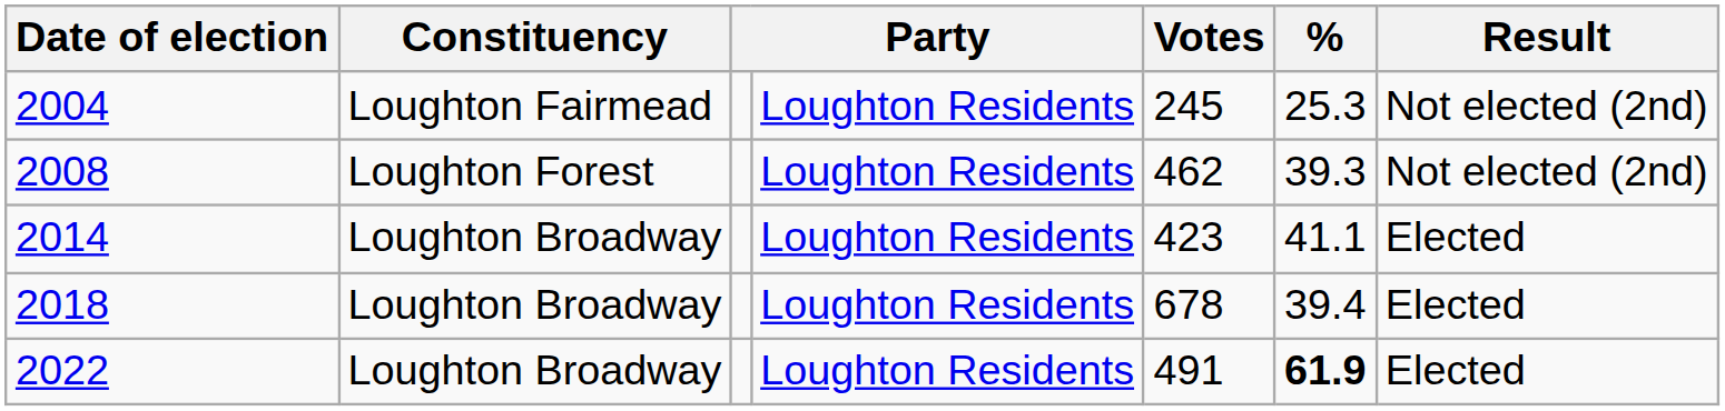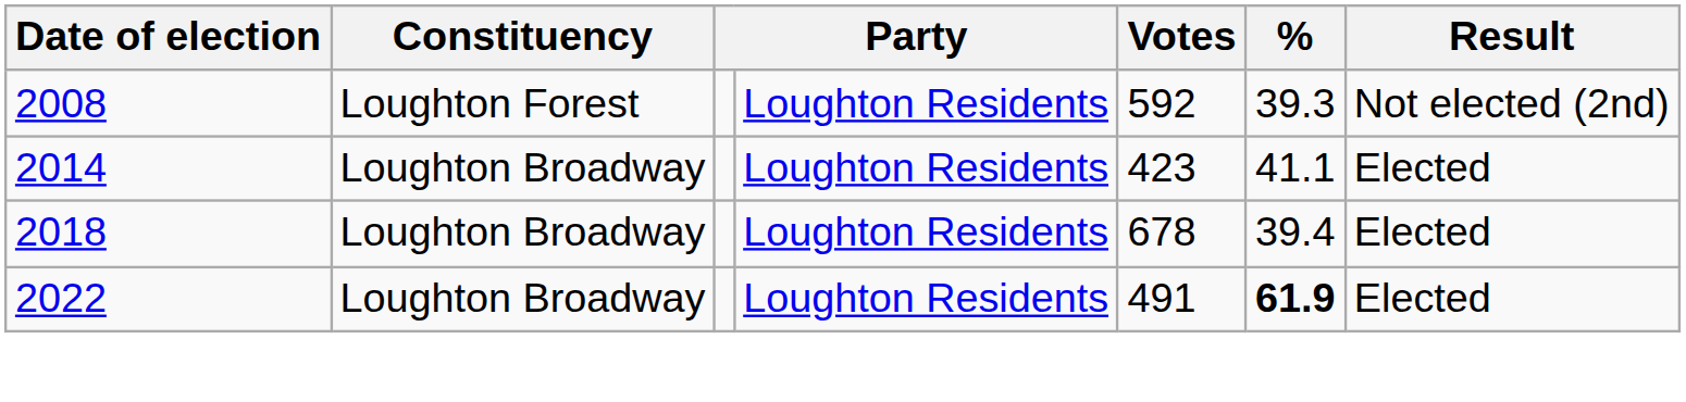 <table class="wikitable">
 <tr>
 <th>Date of election</th>
 <th>Constituency</th>
 <th colspan="2">Party</th>
 <th>Votes</th>
 <th>%</th>
 <th>Result</th>
 </tr>
 <tr>
-<td><a href='#'>2004</a></td>
-<td>Loughton Fairmead</td>
-<td style="background-color: "></td>
-<td><a href='#'>Loughton Residents</a></td>
-<td>245</td>
-<td>25.3</td>
-<td>Not elected (2nd)</td>
-</tr>
-<tr>
 <td><a href='#'>2008</a></td>
 <td>Loughton Forest</td>
 <td style="background-color: "></td>
 <td><a href='#'>Loughton Residents</a></td>
-<td>462</td>
+<td>592</td>
 <td>39.3</td>
 <td>Not elected (2nd)</td>
 </tr>
 <tr>
 <td><a href='#'>2014</a></td>
 <td>Loughton Broadway</td>
 <td style="background-color: "></td>
 <td><a href='#'>Loughton Residents</a></td>
 <td>423</td>
 <td>41.1</td>
 <td>Elected</td>
 </tr>
 <tr>
 <td><a href='#'>2018</a></td>
 <td>Loughton Broadway</td>
 <td style="background-color: "></td>
 <td><a href='#'>Loughton Residents</a></td>
 <td>678</td>
 <td>39.4</td>
 <td>Elected</td>
 </tr>
 <tr>
 <td><a href='#'>2022</a></td>
 <td>Loughton Broadway</td>
 <td style="background-color: "></td>
 <td><a href='#'>Loughton Residents</a></td>
 <td>491</td>
 <td><strong>61.9</strong></td>
 <td>Elected</td>
 </tr>
 </table>
